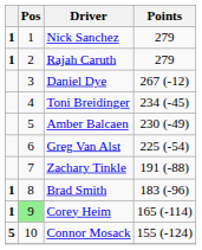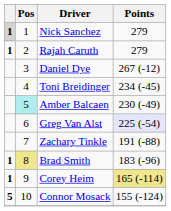 <table class="wikitable" style="font-size: 95%;">
 <tr>
 <th></th>
 <th>Pos</th>
 <th>Driver</th>
 <th>Points</th>
 </tr>
 <tr>
-<td align="left"> <strong>1</strong></td>
+<td align="left" style="background: lightgrey;"> <strong>1</strong></td>
 <td style="text-align:center;">1</td>
 <td><a href='#'>Nick Sanchez</a></td>
 <td style="text-align:center;">279</td>
 </tr>
 <tr>
 <td align="left"> <strong>1</strong></td>
 <td style="text-align:center;">2</td>
 <td><a href='#'>Rajah Caruth</a></td>
 <td style="text-align:center;">279</td>
 </tr>
 <tr>
 <td align="left"></td>
 <td style="text-align:center;">3</td>
 <td><a href='#'>Daniel Dye</a></td>
 <td style="text-align:center;">267 (-12)</td>
 </tr>
 <tr>
 <td align="left"></td>
 <td style="text-align:center;">4</td>
 <td><a href='#'>Toni Breidinger</a></td>
 <td style="text-align:center;">234 (-45)</td>
 </tr>
 <tr>
 <td align="left"></td>
-<td style="text-align:center;">5</td>
+<td style="background: paleturquoise; text-align:center;">5</td>
 <td><a href='#'>Amber Balcaen</a></td>
 <td style="text-align:center;">230 (-49)</td>
 </tr>
 <tr>
 <td align="left"></td>
 <td style="text-align:center;">6</td>
 <td><a href='#'>Greg Van Alst</a></td>
-<td style="text-align:center;">225 (-54)</td>
+<td style="background: lavender; text-align:center;">225 (-54)</td>
 </tr>
 <tr>
 <td align="left"></td>
 <td style="text-align:center;">7</td>
 <td><a href='#'>Zachary Tinkle</a></td>
 <td style="text-align:center;">191 (-88)</td>
 </tr>
 <tr>
 <td align="left"> <strong>1</strong></td>
-<td style="text-align:center;">8</td>
+<td style="background: khaki; text-align:center;">8</td>
 <td><a href='#'>Brad Smith</a></td>
 <td style="text-align:center;">183 (-96)</td>
 </tr>
 <tr>
 <td align="left"> <strong>1</strong></td>
-<td style="background: lightgreen; text-align:center;">9</td>
+<td style="text-align:center;">9</td>
 <td><a href='#'>Corey Heim</a></td>
-<td style="text-align:center;">165 (-114)</td>
+<td style="background: khaki; text-align:center;">165 (-114)</td>
 </tr>
 <tr>
 <td align="left"> <strong>5</strong></td>
 <td style="text-align:center;">10</td>
 <td><a href='#'>Connor Mosack</a></td>
 <td style="text-align:center;">155 (-124)</td>
 </tr>
 <tr class="sortbottom">
 </tr>
 </table>
